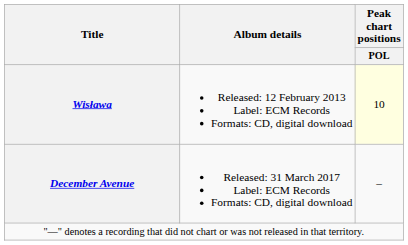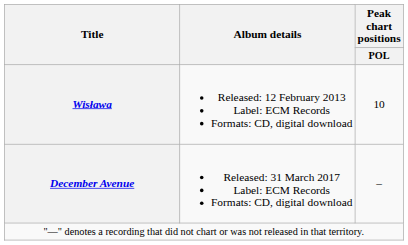 <table class="wikitable plainrowheaders" style="text-align:center;">
 <tr>
 <th scope="col" rowspan="2" style="width:15em;">Title</th>
 <th scope="col" rowspan="2">Album details</th>
 <th scope="col">Peak chart positions</th>
 </tr>
 <tr>
 <th scope="col" style="width:3em;font-size:90%;">POL<br></th>
 </tr>
 <tr>
 <th scope="row"><em><a href='#'>Wisława</a></em></th>
 <td><br><ul><li>Released: 12 February 2013</li><li>Label: ECM Records</li><li>Formats: CD, digital download</li></ul></td>
-<td style="background: lightyellow;">10</td>
+<td>10</td>
 </tr>
 <tr>
 <th scope="row"><em><a href='#'>December Avenue</a></em></th>
 <td><br><ul><li>Released: 31 March 2017</li><li>Label: ECM Records</li><li>Formats: CD, digital download</li></ul></td>
 <td>–</td>
 </tr>
 <tr>
 <td colspan="20" style="font-size:90%">"—" denotes a recording that did not chart or was not released in that territory.</td>
 </tr>
 </table>
